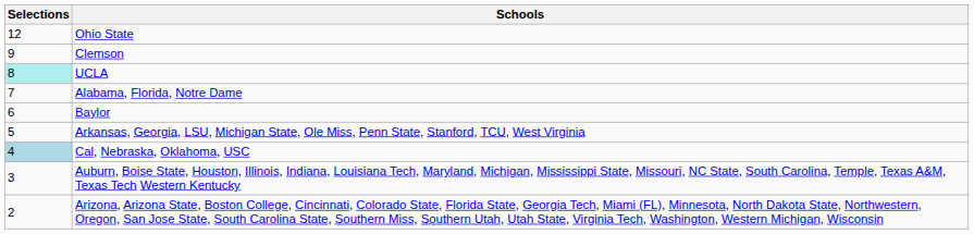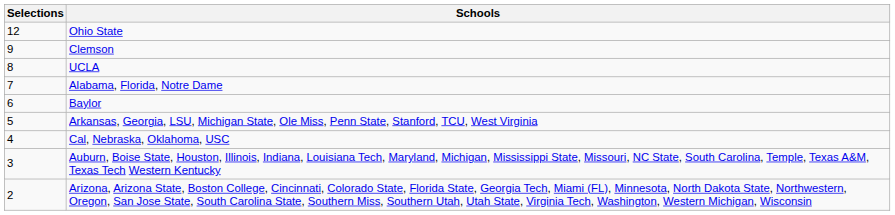 <table class="wikitable sortable" style="text-align:left">
 <tr>
 <th>Selections</th>
 <th class="unsortable">Schools</th>
 </tr>
 <tr>
 <td>12</td>
 <td><a href='#'>Ohio State</a></td>
 </tr>
 <tr>
 <td>9</td>
 <td><a href='#'>Clemson</a></td>
 </tr>
 <tr>
-<td style="background: paleturquoise;">8</td>
+<td>8</td>
 <td><a href='#'>UCLA</a></td>
 </tr>
 <tr>
 <td>7</td>
 <td><a href='#'>Alabama</a>, <a href='#'>Florida</a>, <a href='#'>Notre Dame</a></td>
 </tr>
 <tr>
 <td>6</td>
 <td><a href='#'>Baylor</a></td>
 </tr>
 <tr>
 <td>5</td>
 <td><a href='#'>Arkansas</a>, <a href='#'>Georgia</a>, <a href='#'>LSU</a>, <a href='#'>Michigan State</a>, <a href='#'>Ole Miss</a>, <a href='#'>Penn State</a>, <a href='#'>Stanford</a>, <a href='#'>TCU</a>, <a href='#'>West Virginia</a></td>
 </tr>
 <tr>
-<td style="background: lightblue;">4</td>
+<td>4</td>
 <td><a href='#'>Cal</a>, <a href='#'>Nebraska</a>, <a href='#'>Oklahoma</a>, <a href='#'>USC</a></td>
 </tr>
 <tr>
 <td>3</td>
 <td><a href='#'>Auburn</a>, <a href='#'>Boise State</a>, <a href='#'>Houston</a>, <a href='#'>Illinois</a>, <a href='#'>Indiana</a>, <a href='#'>Louisiana Tech</a>, <a href='#'>Maryland</a>, <a href='#'>Michigan</a>, <a href='#'>Mississippi State</a>, <a href='#'>Missouri</a>, <a href='#'>NC State</a>, <a href='#'>South Carolina</a>, <a href='#'>Temple</a>, <a href='#'>Texas A&M</a>, <a href='#'>Texas Tech</a> <a href='#'>Western Kentucky</a></td>
 </tr>
 <tr>
 <td>2</td>
 <td><a href='#'>Arizona</a>, <a href='#'>Arizona State</a>, <a href='#'>Boston College</a>, <a href='#'>Cincinnati</a>, <a href='#'>Colorado State</a>, <a href='#'>Florida State</a>, <a href='#'>Georgia Tech</a>, <a href='#'>Miami (FL)</a>, <a href='#'>Minnesota</a>, <a href='#'>North Dakota State</a>, <a href='#'>Northwestern</a>, <a href='#'>Oregon</a>, <a href='#'>San Jose State</a>, <a href='#'>South Carolina State</a>, <a href='#'>Southern Miss</a>, <a href='#'>Southern Utah</a>, <a href='#'>Utah State</a>, <a href='#'>Virginia Tech</a>, <a href='#'>Washington</a>, <a href='#'>Western Michigan</a>, <a href='#'>Wisconsin</a></td>
 </tr>
 </table>
